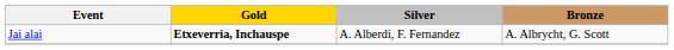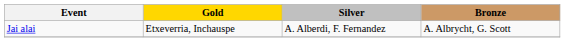 <table class="wikitable" style="max-width: 23cm; width: 100%">
 <tr>
 <th scope="col">Event</th>
 <th scope="col" style="background-color:gold; width:25%">Gold</th>
 <th scope="col" style="background-color:silver; width:25%; width:25%">Silver</th>
 <th scope="col" style="background-color:#cc9966; width:25%">Bronze</th>
 </tr>
 <tr>
 <td><a href='#'>Jai alai</a></td>
-<td><strong> Etxeverria, Inchauspe</strong></td>
+<td> Etxeverria, Inchauspe</td>
 <td> A. Alberdi, F. Fernandez</td>
 <td> A. Albrycht, G. Scott</td>
 </tr>
 <tr>
 </tr>
 </table>
